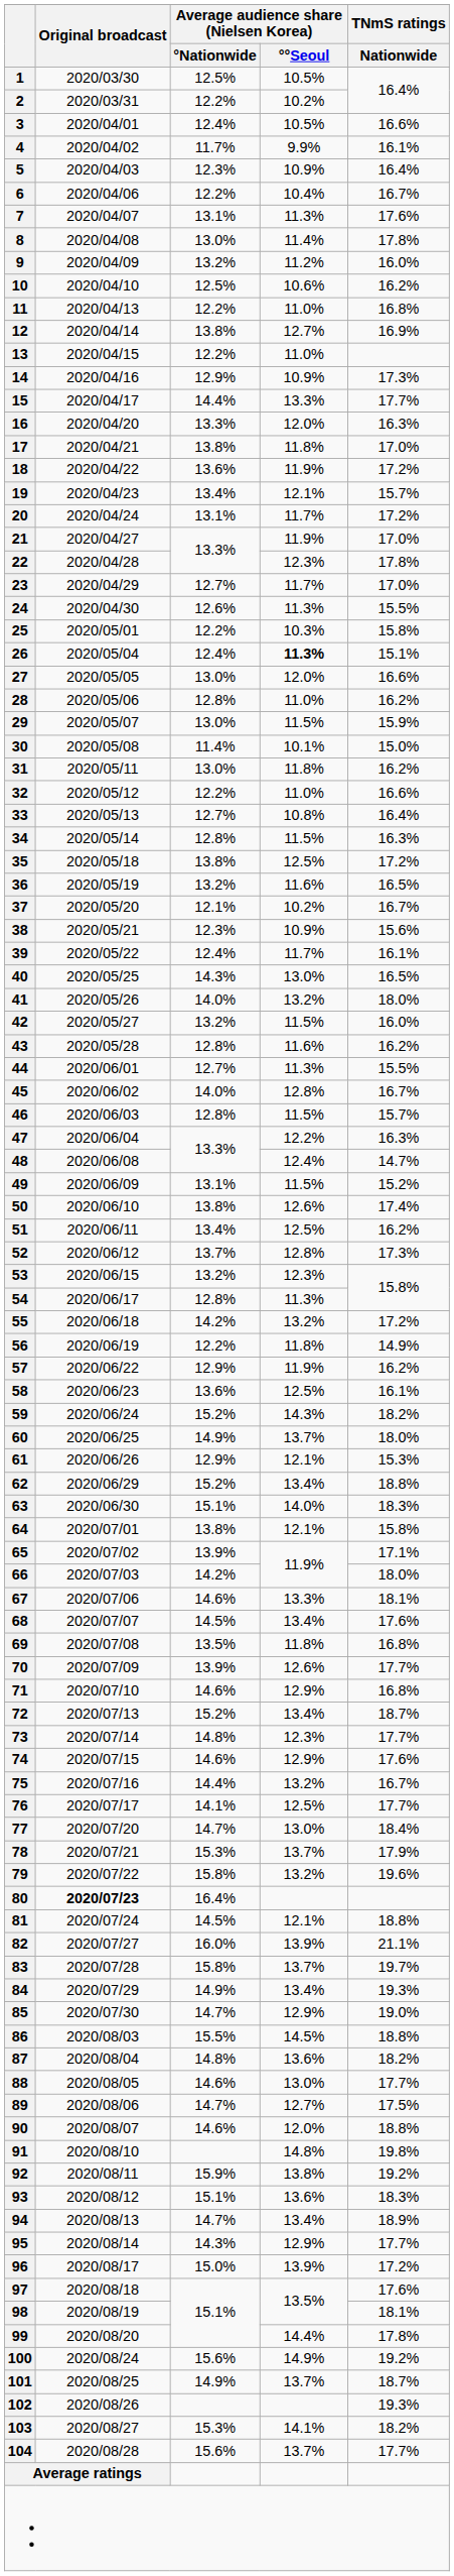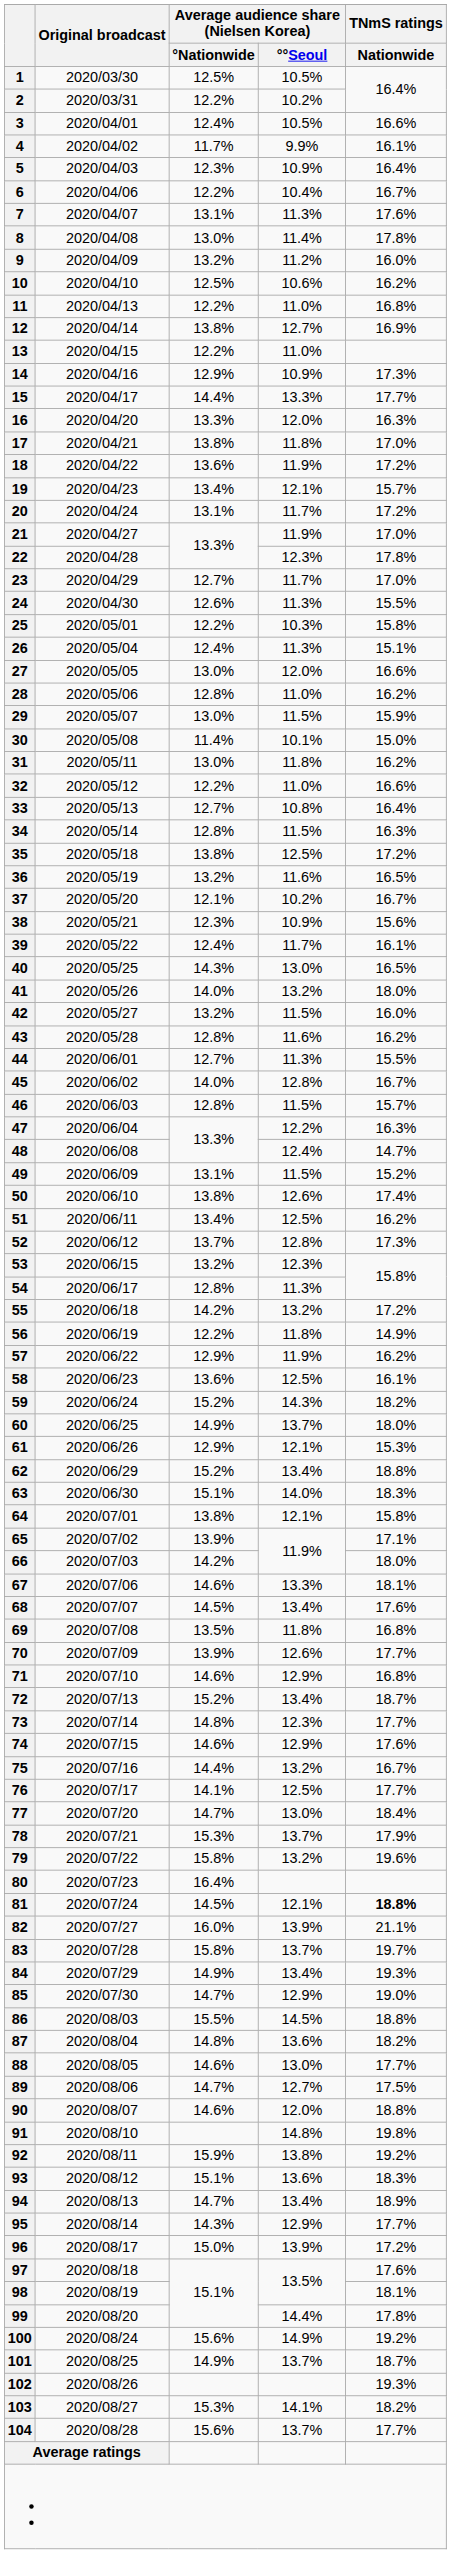 <table class="wikitable" style="text-align:center">
 <tr>
 </tr>
 <tr>
 </tr>
 <tr>
 <th rowspan="2"></th>
 <th rowspan="2">Original broadcast</th>
 <th colspan="2">Average audience share<br>(Nielsen Korea)</th>
 <th>TNmS ratings</th>
 </tr>
 <tr>
 <th width="90">°Nationwide</th>
 <th width="90">°°<a href='#'>Seoul</a></th>
 <th>Nationwide</th>
 </tr>
 <tr>
 <th>1</th>
 <td>2020/03/30</td>
 <td>12.5%</td>
 <td>10.5%</td>
 <td rowspan=2>16.4%</td>
 </tr>
 <tr>
 <th>2</th>
 <td>2020/03/31</td>
 <td>12.2%</td>
 <td>10.2%</td>
 </tr>
 <tr>
 <th>3</th>
 <td>2020/04/01</td>
 <td>12.4%</td>
 <td>10.5%</td>
 <td>16.6%</td>
 </tr>
 <tr>
 <th>4</th>
 <td>2020/04/02</td>
 <td>11.7%</td>
 <td>9.9%</td>
 <td>16.1%</td>
 </tr>
 <tr>
 <th>5</th>
 <td>2020/04/03</td>
 <td>12.3%</td>
 <td>10.9%</td>
 <td>16.4%</td>
 </tr>
 <tr>
 <th>6</th>
 <td>2020/04/06</td>
 <td>12.2%</td>
 <td>10.4%</td>
 <td>16.7%</td>
 </tr>
 <tr>
 <th>7</th>
 <td>2020/04/07</td>
 <td>13.1%</td>
 <td>11.3%</td>
 <td>17.6%</td>
 </tr>
 <tr>
 <th>8</th>
 <td>2020/04/08</td>
 <td>13.0%</td>
 <td>11.4%</td>
 <td>17.8%</td>
 </tr>
 <tr>
 <th>9</th>
 <td>2020/04/09</td>
 <td>13.2%</td>
 <td>11.2%</td>
 <td>16.0%</td>
 </tr>
 <tr>
 <th>10</th>
 <td>2020/04/10</td>
 <td>12.5%</td>
 <td>10.6%</td>
 <td>16.2%</td>
 </tr>
 <tr>
 <th>11</th>
 <td>2020/04/13</td>
 <td>12.2%</td>
 <td>11.0%</td>
 <td>16.8%</td>
 </tr>
 <tr>
 <th>12</th>
 <td>2020/04/14</td>
 <td>13.8%</td>
 <td>12.7%</td>
 <td>16.9%</td>
 </tr>
 <tr>
 <th>13</th>
 <td>2020/04/15</td>
 <td>12.2%</td>
 <td>11.0%</td>
 <td></td>
 </tr>
 <tr>
 <th>14</th>
 <td>2020/04/16</td>
 <td>12.9%</td>
 <td>10.9%</td>
 <td>17.3%</td>
 </tr>
 <tr>
 <th>15</th>
 <td>2020/04/17</td>
 <td>14.4%</td>
 <td>13.3%</td>
 <td>17.7%</td>
 </tr>
 <tr>
 <th>16</th>
 <td>2020/04/20</td>
 <td>13.3%</td>
 <td>12.0%</td>
 <td>16.3%</td>
 </tr>
 <tr>
 <th>17</th>
 <td>2020/04/21</td>
 <td>13.8%</td>
 <td>11.8%</td>
 <td>17.0%</td>
 </tr>
 <tr>
 <th>18</th>
 <td>2020/04/22</td>
 <td>13.6%</td>
 <td>11.9%</td>
 <td>17.2%</td>
 </tr>
 <tr>
 <th>19</th>
 <td>2020/04/23</td>
 <td>13.4%</td>
 <td>12.1%</td>
 <td>15.7%</td>
 </tr>
 <tr>
 <th>20</th>
 <td>2020/04/24</td>
 <td>13.1%</td>
 <td>11.7%</td>
 <td>17.2%</td>
 </tr>
 <tr>
 <th>21</th>
 <td>2020/04/27</td>
 <td rowspan=2>13.3%</td>
 <td>11.9%</td>
 <td>17.0%</td>
 </tr>
 <tr>
 <th>22</th>
 <td>2020/04/28</td>
 <td>12.3%</td>
 <td>17.8%</td>
 </tr>
 <tr>
 <th>23</th>
 <td>2020/04/29</td>
 <td>12.7%</td>
 <td>11.7%</td>
 <td>17.0%</td>
 </tr>
 <tr>
 <th>24</th>
 <td>2020/04/30</td>
 <td>12.6%</td>
 <td>11.3%</td>
 <td>15.5%</td>
 </tr>
 <tr>
 <th>25</th>
 <td>2020/05/01</td>
 <td>12.2%</td>
 <td>10.3%</td>
 <td>15.8%</td>
 </tr>
 <tr>
 <th>26</th>
 <td>2020/05/04</td>
 <td>12.4%</td>
-<td><strong>11.3%</strong></td>
+<td>11.3%</td>
 <td>15.1%</td>
 </tr>
 <tr>
 <th>27</th>
 <td>2020/05/05</td>
 <td>13.0%</td>
 <td>12.0%</td>
 <td>16.6%</td>
 </tr>
 <tr>
 <th>28</th>
 <td>2020/05/06</td>
 <td>12.8%</td>
 <td>11.0%</td>
 <td>16.2%</td>
 </tr>
 <tr>
 <th>29</th>
 <td>2020/05/07</td>
 <td>13.0%</td>
 <td>11.5%</td>
 <td>15.9%</td>
 </tr>
 <tr>
 <th>30</th>
 <td>2020/05/08</td>
 <td>11.4%</td>
 <td>10.1%</td>
 <td>15.0%</td>
 </tr>
 <tr>
 <th>31</th>
 <td>2020/05/11</td>
 <td>13.0%</td>
 <td>11.8%</td>
 <td>16.2%</td>
 </tr>
 <tr>
 <th>32</th>
 <td>2020/05/12</td>
 <td>12.2%</td>
 <td>11.0%</td>
 <td>16.6%</td>
 </tr>
 <tr>
 <th>33</th>
 <td>2020/05/13</td>
 <td>12.7%</td>
 <td>10.8%</td>
 <td>16.4%</td>
 </tr>
 <tr>
 <th>34</th>
 <td>2020/05/14</td>
 <td>12.8%</td>
 <td>11.5%</td>
 <td>16.3%</td>
 </tr>
 <tr>
 <th>35</th>
 <td>2020/05/18</td>
 <td>13.8%</td>
 <td>12.5%</td>
 <td>17.2%</td>
 </tr>
 <tr>
 <th>36</th>
 <td>2020/05/19</td>
 <td>13.2%</td>
 <td>11.6%</td>
 <td>16.5%</td>
 </tr>
 <tr>
 <th>37</th>
 <td>2020/05/20</td>
 <td>12.1%</td>
 <td>10.2%</td>
 <td>16.7%</td>
 </tr>
 <tr>
 <th>38</th>
 <td>2020/05/21</td>
 <td>12.3%</td>
 <td>10.9%</td>
 <td>15.6%</td>
 </tr>
 <tr>
 <th>39</th>
 <td>2020/05/22</td>
 <td>12.4%</td>
 <td>11.7%</td>
 <td>16.1%</td>
 </tr>
 <tr>
 <th>40</th>
 <td>2020/05/25</td>
 <td>14.3%</td>
 <td>13.0%</td>
 <td>16.5%</td>
 </tr>
 <tr>
 <th>41</th>
 <td>2020/05/26</td>
 <td>14.0%</td>
 <td>13.2%</td>
 <td>18.0%</td>
 </tr>
 <tr>
 <th>42</th>
 <td>2020/05/27</td>
 <td>13.2%</td>
 <td>11.5%</td>
 <td>16.0%</td>
 </tr>
 <tr>
 <th>43</th>
 <td>2020/05/28</td>
 <td>12.8%</td>
 <td>11.6%</td>
 <td>16.2%</td>
 </tr>
 <tr>
 <th>44</th>
 <td>2020/06/01</td>
 <td>12.7%</td>
 <td>11.3%</td>
 <td>15.5%</td>
 </tr>
 <tr>
 <th>45</th>
 <td>2020/06/02</td>
 <td>14.0%</td>
 <td>12.8%</td>
 <td>16.7%</td>
 </tr>
 <tr>
 <th>46</th>
 <td>2020/06/03</td>
 <td>12.8%</td>
 <td>11.5%</td>
 <td>15.7%</td>
 </tr>
 <tr>
 <th>47</th>
 <td>2020/06/04</td>
 <td rowspan=2>13.3%</td>
 <td>12.2%</td>
 <td>16.3%</td>
 </tr>
 <tr>
 <th>48</th>
 <td>2020/06/08</td>
 <td>12.4%</td>
 <td>14.7%</td>
 </tr>
 <tr>
 <th>49</th>
 <td>2020/06/09</td>
 <td>13.1%</td>
 <td>11.5%</td>
 <td>15.2%</td>
 </tr>
 <tr>
 <th>50</th>
 <td>2020/06/10</td>
 <td>13.8%</td>
 <td>12.6%</td>
 <td>17.4%</td>
 </tr>
 <tr>
 <th>51</th>
 <td>2020/06/11</td>
 <td>13.4%</td>
 <td>12.5%</td>
 <td>16.2%</td>
 </tr>
 <tr>
 <th>52</th>
 <td>2020/06/12</td>
 <td>13.7%</td>
 <td>12.8%</td>
 <td>17.3%</td>
 </tr>
 <tr>
 <th>53</th>
 <td>2020/06/15</td>
 <td>13.2%</td>
 <td>12.3%</td>
 <td rowspan=2>15.8%</td>
 </tr>
 <tr>
 <th>54</th>
 <td>2020/06/17</td>
 <td>12.8%</td>
 <td>11.3%</td>
 </tr>
 <tr>
 <th>55</th>
 <td>2020/06/18</td>
 <td>14.2%</td>
 <td>13.2%</td>
 <td>17.2%</td>
 </tr>
 <tr>
 <th>56</th>
 <td>2020/06/19</td>
 <td>12.2%</td>
 <td>11.8%</td>
 <td>14.9%</td>
 </tr>
 <tr>
 <th>57</th>
 <td>2020/06/22</td>
 <td>12.9%</td>
 <td>11.9%</td>
 <td>16.2%</td>
 </tr>
 <tr>
 <th>58</th>
 <td>2020/06/23</td>
 <td>13.6%</td>
 <td>12.5%</td>
 <td>16.1%</td>
 </tr>
 <tr>
 <th>59</th>
 <td>2020/06/24</td>
 <td>15.2%</td>
 <td>14.3%</td>
 <td>18.2%</td>
 </tr>
 <tr>
 <th>60</th>
 <td>2020/06/25</td>
 <td>14.9%</td>
 <td>13.7%</td>
 <td>18.0%</td>
 </tr>
 <tr>
 <th>61</th>
 <td>2020/06/26</td>
 <td>12.9%</td>
 <td>12.1%</td>
 <td>15.3%</td>
 </tr>
 <tr>
 <th>62</th>
 <td>2020/06/29</td>
 <td>15.2%</td>
 <td>13.4%</td>
 <td>18.8%</td>
 </tr>
 <tr>
 <th>63</th>
 <td>2020/06/30</td>
 <td>15.1%</td>
 <td>14.0%</td>
 <td>18.3%</td>
 </tr>
 <tr>
 <th>64</th>
 <td>2020/07/01</td>
 <td>13.8%</td>
 <td>12.1%</td>
 <td>15.8%</td>
 </tr>
 <tr>
 <th>65</th>
 <td>2020/07/02</td>
 <td>13.9%</td>
 <td rowspan=2>11.9%</td>
 <td>17.1%</td>
 </tr>
 <tr>
 <th>66</th>
 <td>2020/07/03</td>
 <td>14.2%</td>
 <td>18.0%</td>
 </tr>
 <tr>
 <th>67</th>
 <td>2020/07/06</td>
 <td>14.6%</td>
 <td>13.3%</td>
 <td>18.1%</td>
 </tr>
 <tr>
 <th>68</th>
 <td>2020/07/07</td>
 <td>14.5%</td>
 <td>13.4%</td>
 <td>17.6%</td>
 </tr>
 <tr>
 <th>69</th>
 <td>2020/07/08</td>
 <td>13.5%</td>
 <td>11.8%</td>
 <td>16.8%</td>
 </tr>
 <tr>
 <th>70</th>
 <td>2020/07/09</td>
 <td>13.9%</td>
 <td>12.6%</td>
 <td>17.7%</td>
 </tr>
 <tr>
 <th>71</th>
 <td>2020/07/10</td>
 <td>14.6%</td>
 <td>12.9%</td>
 <td>16.8%</td>
 </tr>
 <tr>
 <th>72</th>
 <td>2020/07/13</td>
 <td>15.2%</td>
 <td>13.4%</td>
 <td>18.7%</td>
 </tr>
 <tr>
 <th>73</th>
 <td>2020/07/14</td>
 <td>14.8%</td>
 <td>12.3%</td>
 <td>17.7%</td>
 </tr>
 <tr>
 <th>74</th>
 <td>2020/07/15</td>
 <td>14.6%</td>
 <td>12.9%</td>
 <td>17.6%</td>
 </tr>
 <tr>
 <th>75</th>
 <td>2020/07/16</td>
 <td>14.4%</td>
 <td>13.2%</td>
 <td>16.7%</td>
 </tr>
 <tr>
 <th>76</th>
 <td>2020/07/17</td>
 <td>14.1%</td>
 <td>12.5%</td>
 <td>17.7%</td>
 </tr>
 <tr>
 <th>77</th>
 <td>2020/07/20</td>
 <td>14.7%</td>
 <td>13.0%</td>
 <td>18.4%</td>
 </tr>
 <tr>
 <th>78</th>
 <td>2020/07/21</td>
 <td>15.3%</td>
 <td>13.7%</td>
 <td>17.9%</td>
 </tr>
 <tr>
 <th>79</th>
 <td>2020/07/22</td>
 <td>15.8%</td>
 <td>13.2%</td>
 <td>19.6%</td>
 </tr>
 <tr>
 <th>80</th>
-<td><strong>2020/07/23</strong></td>
+<td>2020/07/23</td>
 <td>16.4%</td>
 <td></td>
 <td></td>
 </tr>
 <tr>
 <th>81</th>
 <td>2020/07/24</td>
 <td>14.5%</td>
 <td>12.1%</td>
-<td>18.8%</td>
+<td><strong>18.8%</strong></td>
 </tr>
 <tr>
 <th>82</th>
 <td>2020/07/27</td>
 <td>16.0%</td>
 <td>13.9%</td>
 <td>21.1%</td>
 </tr>
 <tr>
 <th>83</th>
 <td>2020/07/28</td>
 <td>15.8%</td>
 <td>13.7%</td>
 <td>19.7%</td>
 </tr>
 <tr>
 <th>84</th>
 <td>2020/07/29</td>
 <td>14.9%</td>
 <td>13.4%</td>
 <td>19.3%</td>
 </tr>
 <tr>
 <th>85</th>
 <td>2020/07/30</td>
 <td>14.7%</td>
 <td>12.9%</td>
 <td>19.0%</td>
 </tr>
 <tr>
 <th>86</th>
 <td>2020/08/03</td>
 <td>15.5%</td>
 <td>14.5%</td>
 <td>18.8%</td>
 </tr>
 <tr>
 <th>87</th>
 <td>2020/08/04</td>
 <td>14.8%</td>
 <td>13.6%</td>
 <td>18.2%</td>
 </tr>
 <tr>
 <th>88</th>
 <td>2020/08/05</td>
 <td>14.6%</td>
 <td>13.0%</td>
 <td>17.7%</td>
 </tr>
 <tr>
 <th>89</th>
 <td>2020/08/06</td>
 <td>14.7%</td>
 <td>12.7%</td>
 <td>17.5%</td>
 </tr>
 <tr>
 <th>90</th>
 <td>2020/08/07</td>
 <td>14.6%</td>
 <td>12.0%</td>
 <td>18.8%</td>
 </tr>
 <tr>
 <th>91</th>
 <td>2020/08/10</td>
 <td></td>
 <td>14.8%</td>
 <td>19.8%</td>
 </tr>
 <tr>
 <th>92</th>
 <td>2020/08/11</td>
 <td>15.9%</td>
 <td>13.8%</td>
 <td>19.2%</td>
 </tr>
 <tr>
 <th>93</th>
 <td>2020/08/12</td>
 <td>15.1%</td>
 <td>13.6%</td>
 <td>18.3%</td>
 </tr>
 <tr>
 <th>94</th>
 <td>2020/08/13</td>
 <td>14.7%</td>
 <td>13.4%</td>
 <td>18.9%</td>
 </tr>
 <tr>
 <th>95</th>
 <td>2020/08/14</td>
 <td>14.3%</td>
 <td>12.9%</td>
 <td>17.7%</td>
 </tr>
 <tr>
 <th>96</th>
 <td>2020/08/17</td>
 <td>15.0%</td>
 <td>13.9%</td>
 <td>17.2%</td>
 </tr>
 <tr>
 <th>97</th>
 <td>2020/08/18</td>
 <td rowspan=3>15.1%</td>
 <td rowspan=2>13.5%</td>
 <td>17.6%</td>
 </tr>
 <tr>
 <th>98</th>
 <td>2020/08/19</td>
 <td>18.1%</td>
 </tr>
 <tr>
 <th>99</th>
 <td>2020/08/20</td>
 <td>14.4%</td>
 <td>17.8%</td>
 </tr>
 <tr>
 <th>100</th>
 <td>2020/08/24</td>
 <td>15.6%</td>
 <td>14.9%</td>
 <td>19.2%</td>
 </tr>
 <tr>
 <th>101</th>
 <td>2020/08/25</td>
 <td>14.9%</td>
 <td>13.7%</td>
 <td>18.7%</td>
 </tr>
 <tr>
 <th>102</th>
 <td>2020/08/26</td>
 <td></td>
 <td></td>
 <td>19.3%</td>
 </tr>
 <tr>
 <th>103</th>
 <td>2020/08/27</td>
 <td>15.3%</td>
 <td>14.1%</td>
 <td>18.2%</td>
 </tr>
 <tr>
 <th>104</th>
 <td>2020/08/28</td>
 <td>15.6%</td>
 <td>13.7%</td>
 <td>17.7%</td>
 </tr>
 <tr>
 <th colspan=2>Average ratings</th>
 <td></td>
 <td></td>
 <td></td>
 </tr>
 <tr>
 <td colspan="6"><br><ul><li></li><li></li></ul></td>
 </tr>
 </table>
